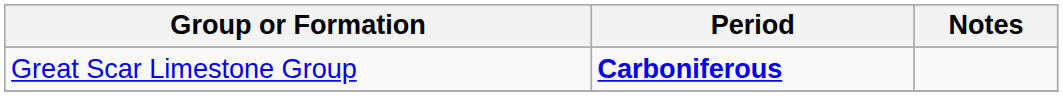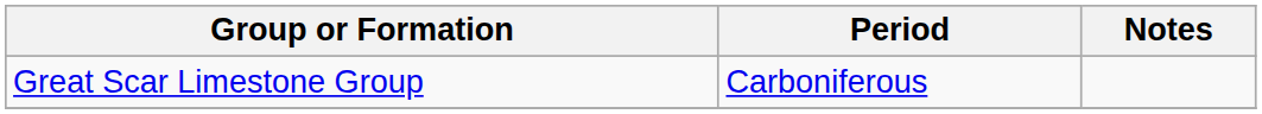 <table class="wikitable sortable" style="width: 100%;">
 <tr>
 <th>Group or Formation</th>
 <th>Period</th>
 <th class="unsortable">Notes</th>
 </tr>
 <tr>
 <td><a href='#'>Great Scar Limestone Group</a></td>
-<td><strong><a href='#'>Carboniferous</a></strong></td>
+<td><a href='#'>Carboniferous</a></td>
 <td></td>
 </tr>
 <tr>
 </tr>
 </table>
